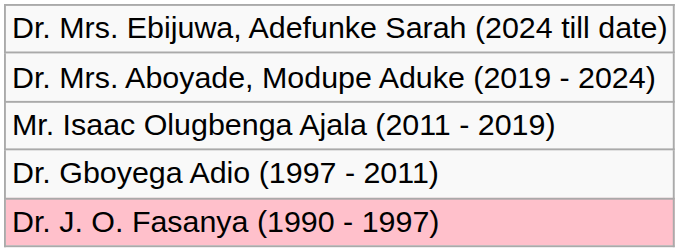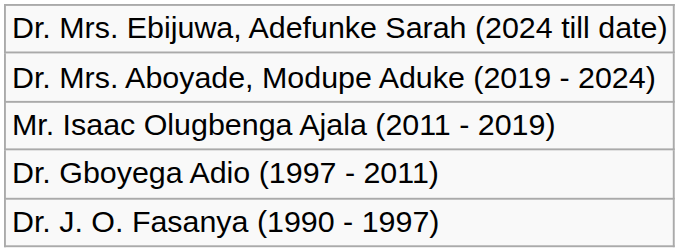 <table class="wikitable">
 <tr>
 <td>Dr. Mrs. Ebijuwa, Adefunke Sarah (2024 till date)</td>
 </tr>
 <tr>
 <td>Dr. Mrs. Aboyade, Modupe Aduke (2019 - 2024)</td>
 </tr>
 <tr>
 <td>Mr. Isaac Olugbenga Ajala (2011 - 2019)</td>
 </tr>
 <tr>
 <td>Dr. Gboyega Adio (1997 - 2011)</td>
 </tr>
 <tr>
-<td style="background: pink;">Dr. J. O. Fasanya (1990 - 1997)</td>
+<td>Dr. J. O. Fasanya (1990 - 1997)</td>
 </tr>
 </table>
